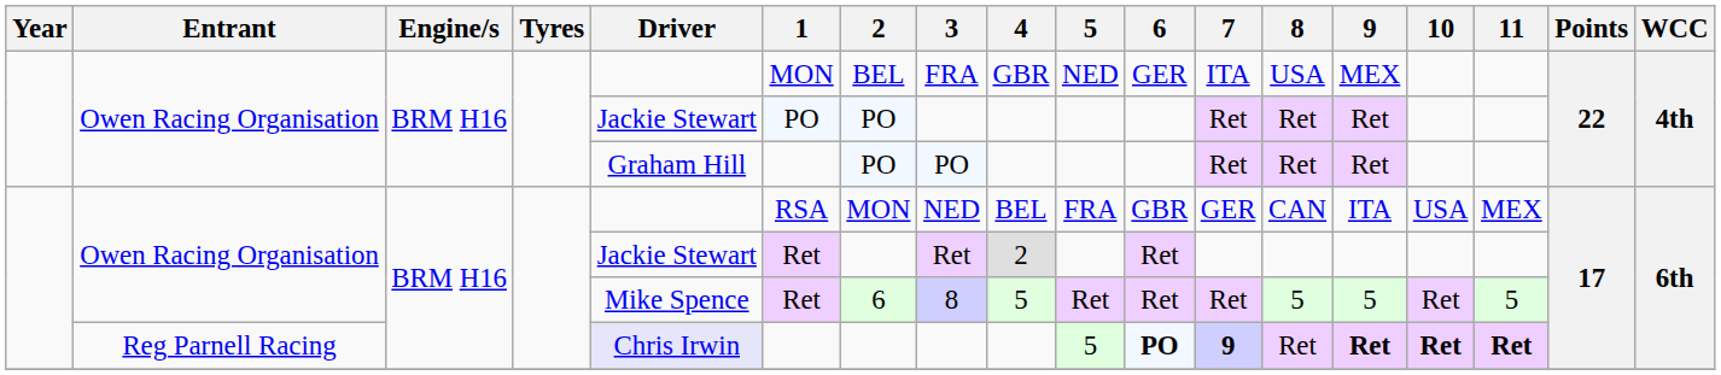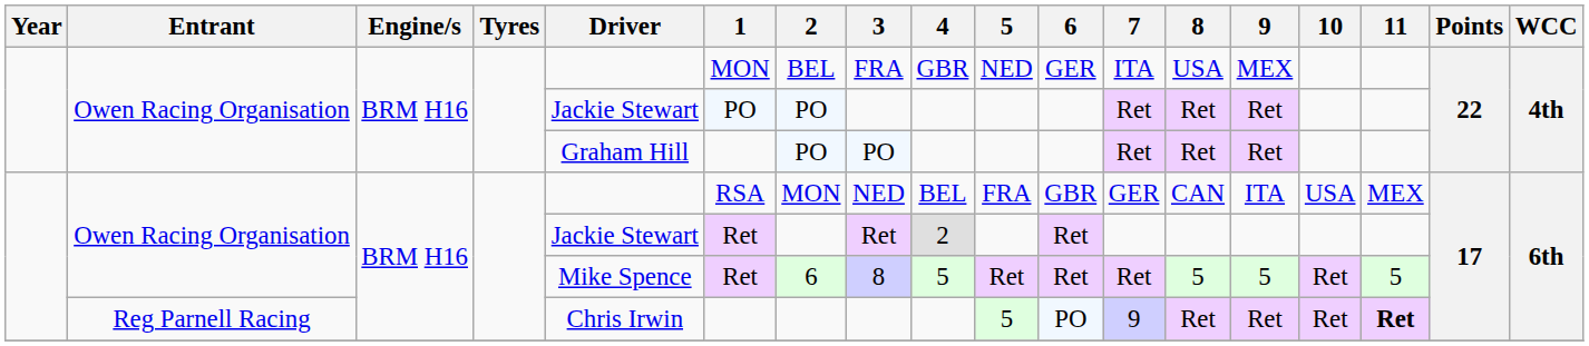 <table class="wikitable" style="text-align:center; font-size:95%">
 <tr>
 <th>Year</th>
 <th>Entrant</th>
 <th>Engine/s</th>
 <th>Tyres</th>
 <th>Driver</th>
 <th>1</th>
 <th>2</th>
 <th>3</th>
 <th>4</th>
 <th>5</th>
 <th>6</th>
 <th>7</th>
 <th>8</th>
 <th>9</th>
 <th>10</th>
 <th>11</th>
 <th>Points</th>
 <th>WCC</th>
 </tr>
 <tr>
 <td rowspan="3"></td>
 <td rowspan="3"><a href='#'>Owen Racing Organisation</a></td>
 <td rowspan="3"><a href='#'>BRM</a> <a href='#'>H16</a></td>
 <td rowspan="3"></td>
 <td></td>
 <td><a href='#'>MON</a></td>
 <td><a href='#'>BEL</a></td>
 <td><a href='#'>FRA</a></td>
 <td><a href='#'>GBR</a></td>
 <td><a href='#'>NED</a></td>
 <td><a href='#'>GER</a></td>
 <td><a href='#'>ITA</a></td>
 <td><a href='#'>USA</a></td>
 <td><a href='#'>MEX</a></td>
 <td></td>
 <td></td>
 <th rowspan="3">22</th>
 <th rowspan="3">4th</th>
 </tr>
 <tr>
 <td><a href='#'>Jackie Stewart</a></td>
 <td style="background:#f1f8ff;">PO</td>
 <td style="background:#f1f8ff;">PO</td>
 <td></td>
 <td></td>
 <td></td>
 <td></td>
 <td style="background:#efcfff;">Ret</td>
 <td style="background:#efcfff;">Ret</td>
 <td style="background:#efcfff;">Ret</td>
 <td></td>
 <td></td>
 </tr>
 <tr>
 <td><a href='#'>Graham Hill</a></td>
 <td></td>
 <td style="background:#f1f8ff;">PO</td>
 <td style="background:#f1f8ff;">PO</td>
 <td></td>
 <td></td>
 <td></td>
 <td style="background:#efcfff;">Ret</td>
 <td style="background:#efcfff;">Ret</td>
 <td style="background:#efcfff;">Ret</td>
 <td></td>
 <td></td>
 </tr>
 <tr>
 <td rowspan="4"></td>
 <td rowspan="3"><a href='#'>Owen Racing Organisation</a></td>
 <td rowspan="4"><a href='#'>BRM</a> <a href='#'>H16</a></td>
 <td rowspan="4"></td>
 <td></td>
 <td><a href='#'>RSA</a></td>
 <td><a href='#'>MON</a></td>
 <td><a href='#'>NED</a></td>
 <td><a href='#'>BEL</a></td>
 <td><a href='#'>FRA</a></td>
 <td><a href='#'>GBR</a></td>
 <td><a href='#'>GER</a></td>
 <td><a href='#'>CAN</a></td>
 <td><a href='#'>ITA</a></td>
 <td><a href='#'>USA</a></td>
 <td><a href='#'>MEX</a></td>
 <th rowspan="4">17</th>
 <th rowspan="4">6th</th>
 </tr>
 <tr>
 <td><a href='#'>Jackie Stewart</a></td>
 <td style="background:#efcfff;">Ret</td>
 <td></td>
 <td style="background:#efcfff;">Ret</td>
 <td style="background:#dfdfdf;">2</td>
 <td></td>
 <td style="background:#efcfff;">Ret</td>
 <td></td>
 <td></td>
 <td></td>
 <td></td>
 <td></td>
 </tr>
 <tr>
 <td><a href='#'>Mike Spence</a></td>
 <td style="background:#efcfff;">Ret</td>
 <td style="background:#dfffdf;">6</td>
 <td style="background:#cfcfff;">8</td>
 <td style="background:#dfffdf;">5</td>
 <td style="background:#efcfff;">Ret</td>
 <td style="background:#efcfff;">Ret</td>
 <td style="background:#efcfff;">Ret</td>
 <td style="background:#dfffdf;">5</td>
 <td style="background:#dfffdf;">5</td>
 <td style="background:#efcfff;">Ret</td>
 <td style="background:#dfffdf;">5</td>
 </tr>
 <tr>
 <td><a href='#'>Reg Parnell Racing</a></td>
-<td style="background: lavender;"><a href='#'>Chris Irwin</a></td>
+<td><a href='#'>Chris Irwin</a></td>
 <td></td>
 <td></td>
 <td></td>
 <td></td>
 <td style="background:#dfffdf;">5</td>
-<td style="background:#f1f8ff;"><strong>PO</strong></td>
-<td style="background:#cfcfff;"><strong>9</strong></td>
+<td style="background:#f1f8ff;">PO</td>
+<td style="background:#cfcfff;">9</td>
 <td style="background:#efcfff;">Ret</td>
-<td style="background:#efcfff;"><strong>Ret</strong></td>
-<td style="background:#efcfff;"><strong>Ret</strong></td>
+<td style="background:#efcfff;">Ret</td>
+<td style="background:#efcfff;">Ret</td>
 <td style="background:#efcfff;"><strong>Ret</strong></td>
 </tr>
 <tr>
 </tr>
 </table>
